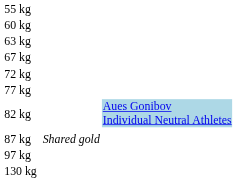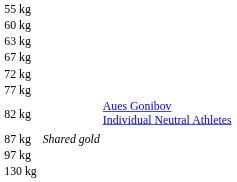 <table>
 <tr>
 <td rowspan=2>55 kg<br></td>
 <td rowspan=2></td>
 <td rowspan=2></td>
 <td></td>
 </tr>
 <tr>
 <td></td>
 </tr>
 <tr>
 <td rowspan=2>60 kg<br></td>
 <td rowspan=2></td>
 <td rowspan=2></td>
 <td></td>
 </tr>
 <tr>
 <td></td>
 </tr>
 <tr>
 <td rowspan=2>63 kg<br></td>
 <td rowspan=2></td>
 <td rowspan=2></td>
 <td></td>
 </tr>
 <tr>
 <td></td>
 </tr>
 <tr>
 <td rowspan=2>67 kg<br></td>
 <td rowspan=2></td>
 <td rowspan=2></td>
 <td></td>
 </tr>
 <tr>
 <td></td>
 </tr>
 <tr>
 <td rowspan=2>72 kg<br></td>
 <td rowspan=2></td>
 <td rowspan=2></td>
 <td></td>
 </tr>
 <tr>
 <td></td>
 </tr>
 <tr>
 <td rowspan=2>77 kg<br></td>
 <td rowspan=2></td>
 <td rowspan=2></td>
 <td></td>
 </tr>
 <tr>
 <td></td>
 </tr>
 <tr>
 <td rowspan=2>82 kg<br></td>
 <td rowspan=2></td>
 <td rowspan=2></td>
-<td style="background: lightblue;"><a href='#'>Aues Gonibov</a><br> <a href='#'>Individual Neutral Athletes</a></td>
+<td><a href='#'>Aues Gonibov</a><br> <a href='#'>Individual Neutral Athletes</a></td>
 </tr>
 <tr>
 <td></td>
 </tr>
 <tr>
 <td rowspan=2>87 kg<br></td>
 <td></td>
 <td rowspan=2><em>Shared gold</em></td>
 <td></td>
 </tr>
 <tr>
 <td></td>
 <td></td>
 </tr>
 <tr>
 <td rowspan=2>97 kg<br></td>
 <td rowspan=2></td>
 <td rowspan=2></td>
 <td></td>
 </tr>
 <tr>
 <td></td>
 </tr>
 <tr>
 <td rowspan=2>130 kg<br></td>
 <td rowspan=2></td>
 <td rowspan=2></td>
 <td></td>
 </tr>
 <tr>
 <td></td>
 </tr>
 <tr>
 </tr>
 </table>
